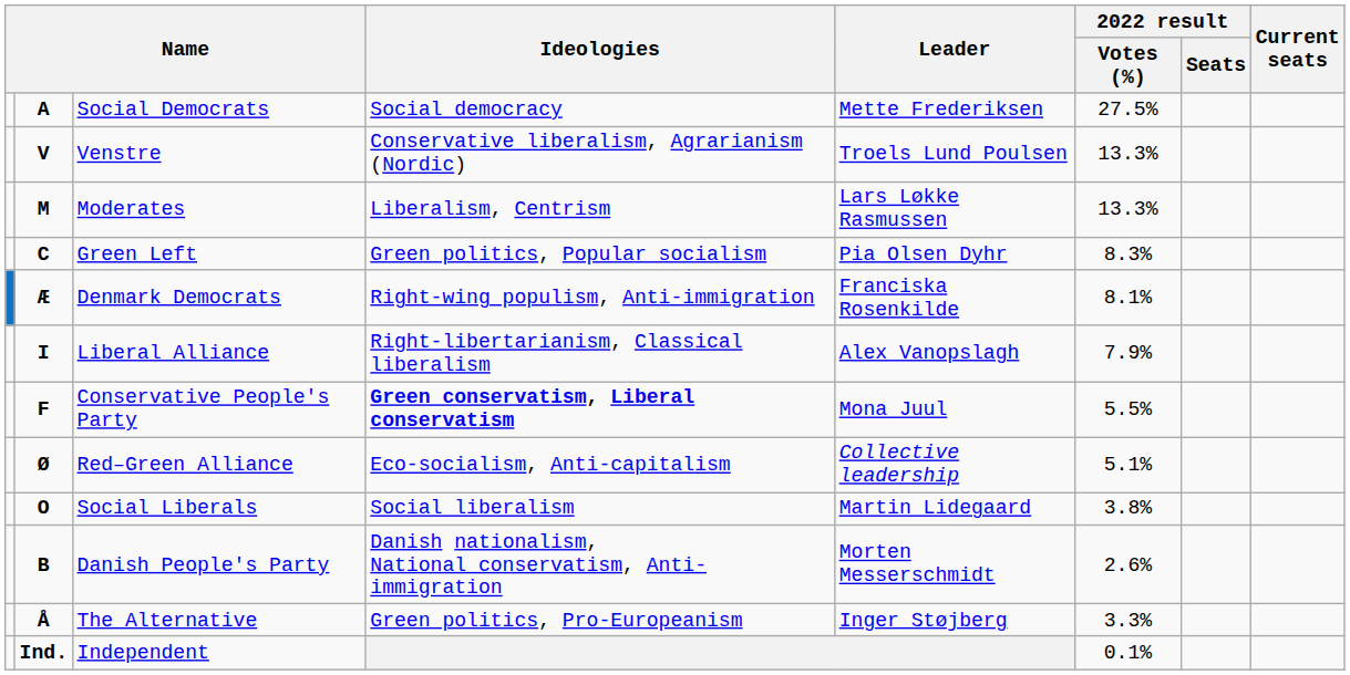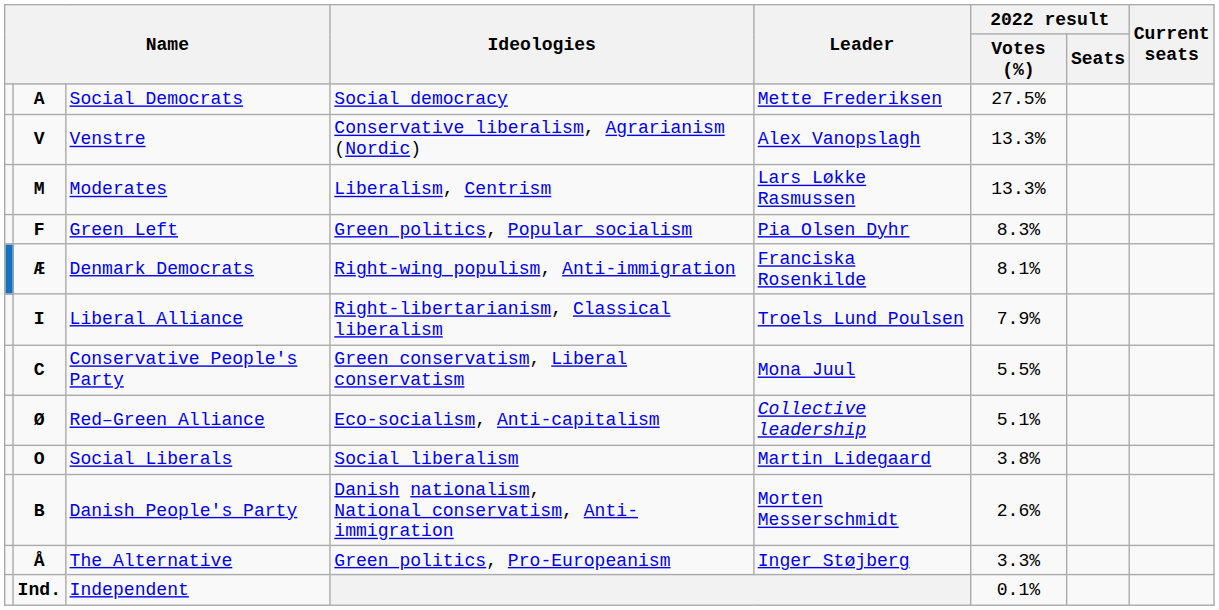 <table class="wikitable">
 <tr>
 <th colspan="3" rowspan="2">Name</th>
 <th rowspan="2">Ideologies</th>
 <th rowspan="2">Leader</th>
 <th colspan="2">2022 result</th>
 <th rowspan="2">Current<br>seats</th>
 </tr>
 <tr>
 <th>Votes (%)</th>
 <th>Seats</th>
 </tr>
 <tr>
 <td></td>
 <td style="text-align:center;"><strong>A</strong></td>
 <td><a href='#'>Social Democrats</a> </td>
 <td><a href='#'>Social democracy</a></td>
 <td><a href='#'>Mette Frederiksen</a></td>
 <td style="text-align:center;">27.5%</td>
 <td></td>
 <td></td>
 </tr>
 <tr>
 <td></td>
 <td style="text-align:center;"><strong>V</strong></td>
 <td><a href='#'>Venstre</a> </td>
 <td><a href='#'>Conservative liberalism</a>, <a href='#'>Agrarianism</a> (<a href='#'>Nordic</a>)</td>
-<td><a href='#'>Troels Lund Poulsen</a></td>
+<td><a href='#'>Alex Vanopslagh</a></td>
 <td style="text-align:center;">13.3%</td>
 <td></td>
 <td></td>
 </tr>
 <tr>
 <td></td>
 <td style="text-align:center;"><strong>M</strong></td>
 <td><a href='#'>Moderates</a> </td>
 <td><a href='#'>Liberalism</a>, <a href='#'>Centrism</a></td>
 <td><a href='#'>Lars Løkke Rasmussen</a></td>
 <td style="text-align:center;">13.3%</td>
 <td></td>
 <td></td>
 </tr>
 <tr>
 <td></td>
-<td style="text-align:center;"><strong>C</strong></td>
+<td style="text-align:center;"><strong>F</strong></td>
 <td><a href='#'>Green Left</a> </td>
 <td><a href='#'>Green politics</a>, <a href='#'>Popular socialism</a></td>
 <td><a href='#'>Pia Olsen Dyhr</a></td>
 <td style="text-align:center;">8.3%</td>
 <td></td>
 <td></td>
 </tr>
 <tr>
 <td style="background:#1272C2;"></td>
 <td style="text-align:center;"><strong>Æ</strong></td>
 <td><a href='#'>Denmark Democrats</a> </td>
 <td><a href='#'>Right-wing populism</a>, <a href='#'>Anti-immigration</a></td>
 <td><a href='#'>Franciska Rosenkilde</a></td>
 <td style="text-align:center;">8.1%</td>
 <td></td>
 <td></td>
 </tr>
 <tr>
 <td></td>
 <td style="text-align:center;"><strong>I</strong></td>
 <td><a href='#'>Liberal Alliance</a> </td>
 <td><a href='#'>Right-libertarianism</a>, <a href='#'>Classical liberalism</a></td>
-<td><a href='#'>Alex Vanopslagh</a></td>
+<td><a href='#'>Troels Lund Poulsen</a></td>
 <td style="text-align:center;">7.9%</td>
 <td></td>
 <td></td>
 </tr>
 <tr>
 <td></td>
-<td style="text-align:center;"><strong>F</strong></td>
+<td style="text-align:center;"><strong>C</strong></td>
 <td><a href='#'>Conservative People's Party</a> </td>
-<td><strong><a href='#'>Green conservatism</a>, <a href='#'>Liberal conservatism</a></strong></td>
+<td><a href='#'>Green conservatism</a>, <a href='#'>Liberal conservatism</a></td>
 <td><a href='#'>Mona Juul</a></td>
 <td style="text-align:center;">5.5%</td>
 <td></td>
 <td></td>
 </tr>
 <tr>
 <td></td>
 <td style="text-align:center;"><strong>Ø</strong></td>
 <td><a href='#'>Red–Green Alliance</a> </td>
 <td><a href='#'>Eco-socialism</a>, <a href='#'>Anti-capitalism</a></td>
 <td><em><a href='#'>Collective leadership</a></em> </td>
 <td style="text-align:center;">5.1%</td>
 <td></td>
 <td></td>
 </tr>
 <tr>
 <td></td>
 <td style="text-align:center;"><strong>O</strong></td>
 <td><a href='#'>Social Liberals</a> </td>
 <td><a href='#'>Social liberalism</a></td>
 <td><a href='#'>Martin Lidegaard</a></td>
 <td style="text-align:center;">3.8%</td>
 <td></td>
 <td></td>
 </tr>
 <tr>
 <td></td>
 <td style="text-align:center;"><strong>B</strong></td>
 <td><a href='#'>Danish People's Party</a> </td>
 <td><a href='#'>Danish</a> <a href='#'>nationalism</a>,<br><a href='#'>National conservatism</a>, <a href='#'>Anti-immigration</a></td>
 <td><a href='#'>Morten Messerschmidt</a></td>
 <td style="text-align:center;">2.6%</td>
 <td></td>
 <td></td>
 </tr>
 <tr>
 <td></td>
 <td style="text-align:center;"><strong>Å</strong></td>
 <td><a href='#'>The Alternative</a> </td>
 <td><a href='#'>Green politics</a>, <a href='#'>Pro-Europeanism</a></td>
 <td><a href='#'>Inger Støjberg</a></td>
 <td style="text-align:center;">3.3%</td>
 <td></td>
 <td></td>
 </tr>
 <tr>
 <td></td>
 <td style="text-align:center;"><strong>Ind.</strong></td>
 <td><a href='#'>Independent</a></td>
 <th colspan="2"></th>
 <td style="text-align:center;">0.1%</td>
 <td></td>
 <td></td>
 </tr>
 </table>
